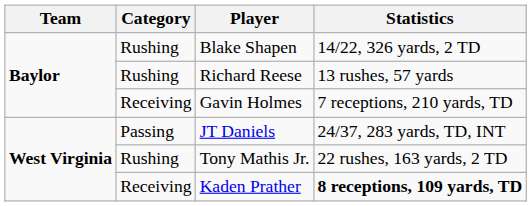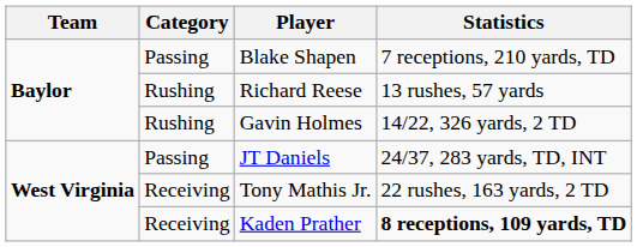 <table class="wikitable" style="float: right;">
 <tr>
 <th>Team</th>
 <th>Category</th>
 <th>Player</th>
 <th>Statistics</th>
 </tr>
 <tr>
 <td rowspan=3><strong>Baylor</strong></td>
-<td>Rushing</td>
+<td>Passing</td>
 <td>Blake Shapen</td>
-<td>14/22, 326 yards, 2 TD</td>
+<td>7 receptions, 210 yards, TD</td>
 </tr>
 <tr>
 <td>Rushing</td>
 <td>Richard Reese</td>
 <td>13 rushes, 57 yards</td>
 </tr>
 <tr>
-<td>Receiving</td>
+<td>Rushing</td>
 <td>Gavin Holmes</td>
-<td>7 receptions, 210 yards, TD</td>
+<td>14/22, 326 yards, 2 TD</td>
 </tr>
 <tr>
 <td rowspan=3><strong>West Virginia</strong></td>
 <td>Passing</td>
 <td><a href='#'>JT Daniels</a></td>
 <td>24/37, 283 yards, TD, INT</td>
 </tr>
 <tr>
-<td>Rushing</td>
+<td>Receiving</td>
 <td>Tony Mathis Jr.</td>
 <td>22 rushes, 163 yards, 2 TD</td>
 </tr>
 <tr>
 <td>Receiving</td>
 <td><a href='#'>Kaden Prather</a></td>
 <td><strong>8 receptions, 109 yards, TD</strong></td>
 </tr>
 </table>
